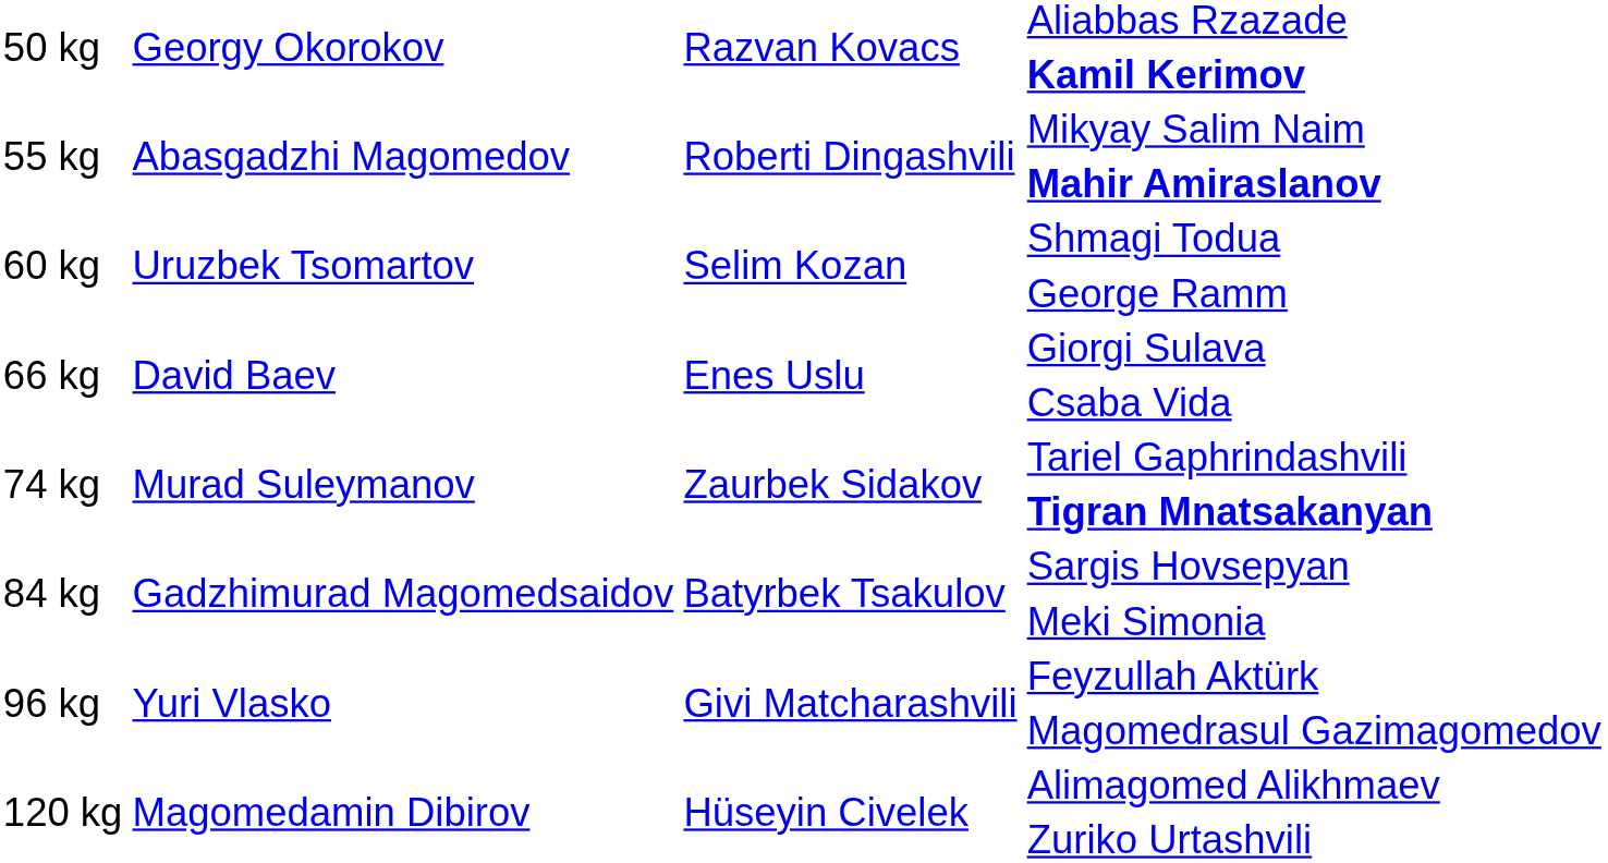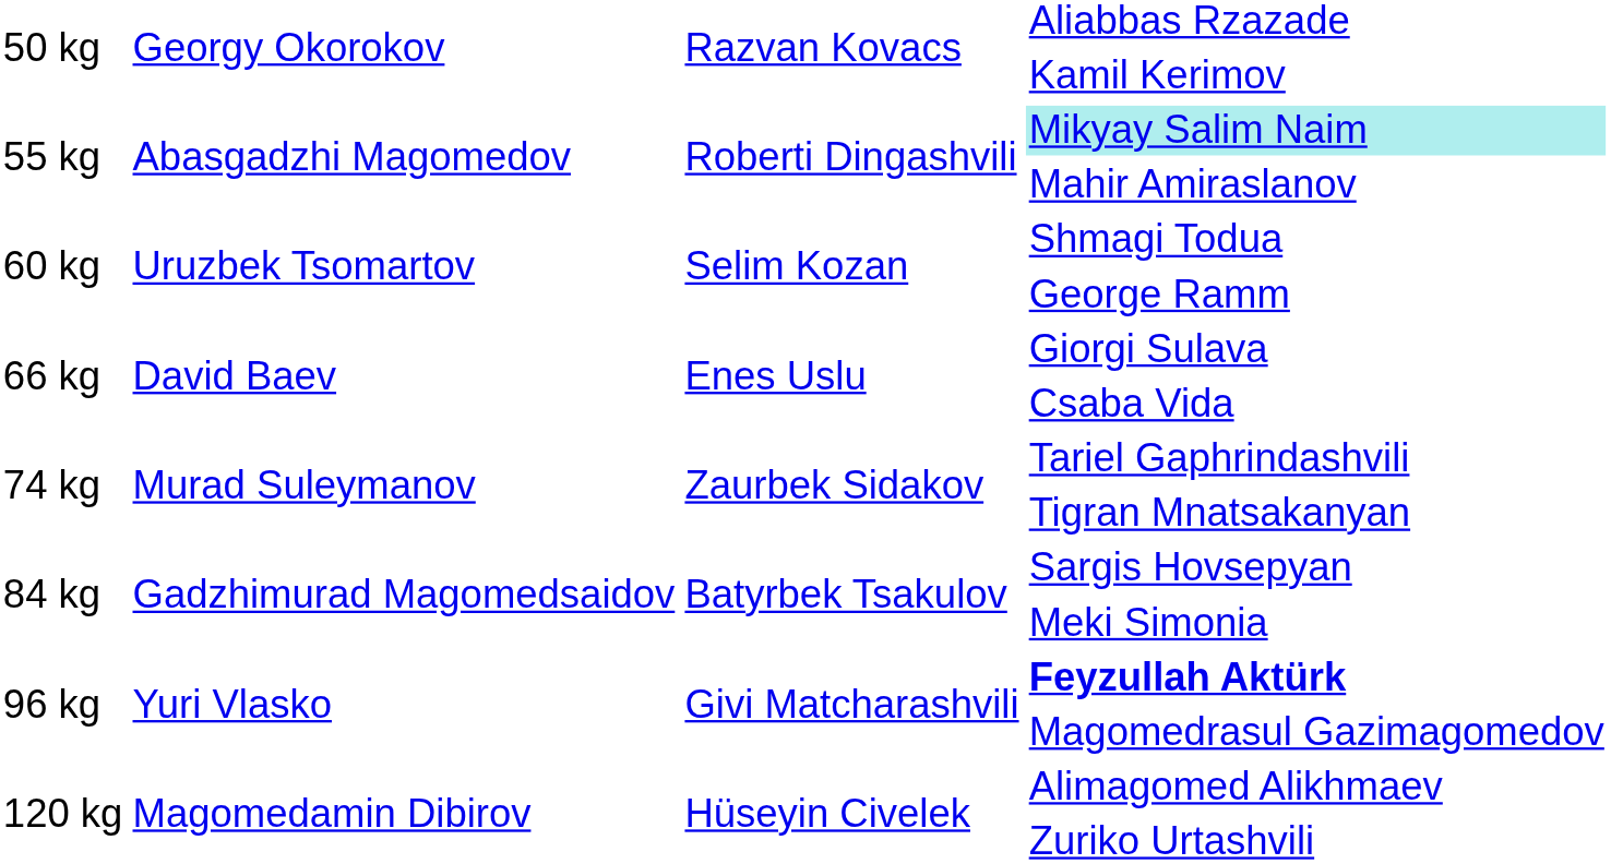 <table>
 <tr>
 <td rowspan=2>50 kg</td>
 <td rowspan=2> <a href='#'>Georgy Okorokov</a></td>
 <td rowspan=2> <a href='#'>Razvan Kovacs</a></td>
 <td> <a href='#'>Aliabbas Rzazade</a></td>
 </tr>
 <tr>
-<td><strong><a href='#'>Kamil Kerimov</a></strong></td>
+<td><a href='#'>Kamil Kerimov</a></td>
 </tr>
 <tr>
 <td rowspan=2>55 kg</td>
 <td rowspan=2> <a href='#'>Abasgadzhi Magomedov</a></td>
 <td rowspan=2> <a href='#'>Roberti Dingashvili</a></td>
-<td> <a href='#'>Mikyay Salim Naim</a></td>
+<td style="background: paleturquoise;"> <a href='#'>Mikyay Salim Naim</a></td>
 </tr>
 <tr>
-<td><strong> <a href='#'>Mahir Amiraslanov</a></strong></td>
+<td> <a href='#'>Mahir Amiraslanov</a></td>
 </tr>
 <tr>
 <td rowspan=2>60 kg</td>
 <td rowspan=2> <a href='#'>Uruzbek Tsomartov</a></td>
 <td rowspan=2> <a href='#'>Selim Kozan</a></td>
 <td> <a href='#'>Shmagi Todua</a></td>
 </tr>
 <tr>
 <td> <a href='#'>George Ramm</a></td>
 </tr>
 <tr>
 <td rowspan=2>66 kg</td>
 <td rowspan=2> <a href='#'>David Baev</a></td>
 <td rowspan=2> <a href='#'>Enes Uslu</a></td>
 <td> <a href='#'>Giorgi Sulava</a></td>
 </tr>
 <tr>
 <td> <a href='#'>Csaba Vida</a></td>
 </tr>
 <tr>
 <td rowspan=2>74 kg</td>
 <td rowspan=2> <a href='#'>Murad Suleymanov</a></td>
 <td rowspan=2> <a href='#'>Zaurbek Sidakov</a></td>
 <td> <a href='#'>Tariel Gaphrindashvili</a></td>
 </tr>
 <tr>
-<td><strong> <a href='#'>Tigran Mnatsakanyan</a></strong></td>
+<td> <a href='#'>Tigran Mnatsakanyan</a></td>
 </tr>
 <tr>
 <td rowspan=2>84 kg</td>
 <td rowspan=2> <a href='#'>Gadzhimurad Magomedsaidov</a></td>
 <td rowspan=2> <a href='#'>Batyrbek Tsakulov</a></td>
 <td> <a href='#'>Sargis Hovsepyan</a></td>
 </tr>
 <tr>
 <td> <a href='#'>Meki Simonia</a></td>
 </tr>
 <tr>
 <td rowspan=2>96 kg</td>
 <td rowspan=2> <a href='#'>Yuri Vlasko</a></td>
 <td rowspan=2> <a href='#'>Givi Matcharashvili</a></td>
-<td> <a href='#'>Feyzullah Aktürk</a></td>
+<td><strong> <a href='#'>Feyzullah Aktürk</a></strong></td>
 </tr>
 <tr>
 <td> <a href='#'>Magomedrasul Gazimagomedov</a></td>
 </tr>
 <tr>
 <td rowspan=2>120 kg</td>
 <td rowspan=2> <a href='#'>Magomedamin Dibirov</a></td>
 <td rowspan=2> <a href='#'>Hüseyin Civelek</a></td>
 <td> <a href='#'>Alimagomed Alikhmaev</a></td>
 </tr>
 <tr>
 <td> <a href='#'>Zuriko Urtashvili</a></td>
 </tr>
 </table>
